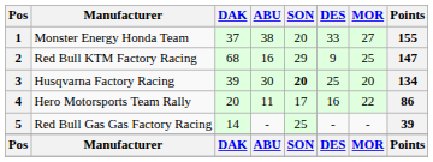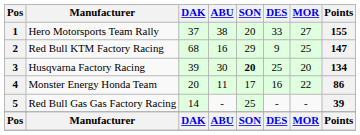 <table class="wikitable" style="font-size: 85%; text-align: center; display: inline-table;">
 <tr valign="top">
 <th valign="middle">Pos</th>
 <th valign="middle">Manufacturer</th>
 <th><a href='#'>DAK</a><br></th>
 <th><a href='#'>ABU</a><br></th>
 <th><a href='#'>SON</a><br></th>
 <th><a href='#'>DES</a><br></th>
 <th><a href='#'>MOR</a><br></th>
 <th valign="middle">Points</th>
 </tr>
 <tr>
 <th>1</th>
-<td align=left>Monster Energy Honda Team</td>
+<td align=left>Hero Motorsports Team Rally</td>
 <td style="background:#dfffdf;">37</td>
 <td style="background:#dfffdf;">38</td>
 <td style="background:#dfffdf;">20</td>
 <td style="background:#dfffdf;">33</td>
 <td style="background:#dfffdf;">27</td>
 <th>155</th>
 </tr>
 <tr>
 <th>2</th>
 <td align=left>Red Bull KTM Factory Racing</td>
 <td style="background:#dfffdf;">68</td>
 <td style="background:#dfffdf;">16</td>
 <td style="background:#dfffdf;">29</td>
 <td style="background:#dfffdf;">9</td>
 <td style="background:#dfffdf;">25</td>
 <th>147</th>
 </tr>
 <tr>
 <th>3</th>
 <td align=left>Husqvarna Factory Racing</td>
 <td style="background:#dfffdf;">39</td>
 <td style="background:#dfffdf;">30</td>
 <td style="background:#dfffdf;"><strong>20</strong></td>
 <td style="background:#dfffdf;">25</td>
 <td style="background:#dfffdf;">20</td>
 <th>134</th>
 </tr>
 <tr>
 <th>4</th>
-<td align=left>Hero Motorsports Team Rally</td>
+<td align=left>Monster Energy Honda Team</td>
 <td style="background:#dfffdf;">20</td>
 <td style="background:#dfffdf;">11</td>
 <td style="background:#dfffdf;">17</td>
 <td style="background:#dfffdf;">16</td>
 <td style="background:#dfffdf;">22</td>
 <th>86</th>
 </tr>
 <tr>
 <th>5</th>
 <td align=left>Red Bull Gas Gas Factory Racing</td>
 <td style="background:#dfffdf;">14</td>
 <td>-</td>
 <td style="background:#dfffdf;">25</td>
 <td>-</td>
 <td>-</td>
 <th>39</th>
 </tr>
 <tr>
 </tr>
 <tr valign="top">
 <th valign="middle">Pos</th>
 <th valign="middle">Manufacturer</th>
 <th><a href='#'>DAK</a><br></th>
 <th><a href='#'>ABU</a><br></th>
 <th><a href='#'>SON</a><br></th>
 <th><a href='#'>DES</a><br></th>
 <th><a href='#'>MOR</a><br></th>
 <th valign="middle">Points</th>
 </tr>
 <tr>
 </tr>
 </table>
